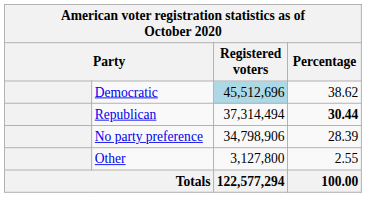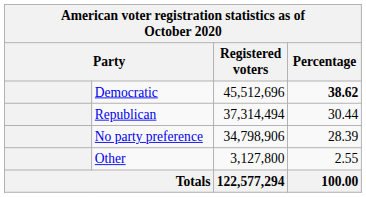 <table class="wikitable floatright"  style="font-size:95%;">
 <tr>
 <th colspan="4">American voter registration statistics as of<br>October 2020</th>
 </tr>
 <tr>
 <th colspan=2 style="width: 15em">Party</th>
 <th style="width: 5em">Registered voters</th>
 <th style="width: 5em">Percentage</th>
 </tr>
 <tr>
 <th></th>
 <td style="width: 130px"><a href='#'>Democratic</a></td>
-<td style="background: lightblue; text-align:right;">45,512,696</td>
-<td style="text-align:right;">38.62</td>
+<td style="text-align:right;">45,512,696</td>
+<td style="text-align:right;"><strong>38.62</strong></td>
 </tr>
 <tr>
 <th></th>
 <td style="width: 130px"><a href='#'>Republican</a></td>
 <td style="text-align:right;">37,314,494</td>
-<td style="text-align:right;"><strong>30.44</strong></td>
+<td style="text-align:right;">30.44</td>
 </tr>
 <tr>
 <th></th>
 <td style="width: 130px"><a href='#'>No party preference</a></td>
 <td style="text-align:right;">34,798,906</td>
 <td style="text-align:right;">28.39</td>
 </tr>
 <tr>
 <th></th>
 <td style="width: 130px"><a href='#'>Other</a></td>
 <td style="text-align:right;">3,127,800</td>
 <td style="text-align:right;">2.55</td>
 </tr>
 <tr style="background:#eee;">
 <th colspan="2" style="text-align:right;">Totals</th>
 <th style="text-align:right;">122,577,294</th>
 <th style="text-align:right;">100.00</th>
 </tr>
 </table>
